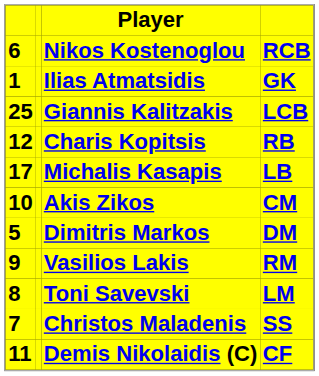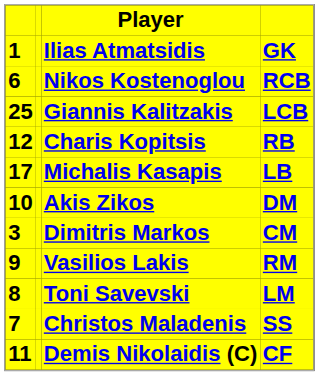 <table class="toccolours" border="0" cellpadding="2" cellspacing="0" align="center" style="margin: 0.5em 0 1em 1em; background: #000000; border: 1px #aaaaaa solid;">
 <tr bgcolor=#FFFF00>
 <th></th>
 <th></th>
 <th>Player</th>
 <th></th>
 </tr>
 <tr bgcolor=#FFFF00>
+<td><strong>1</strong></td>
+<td></td>
+<td><a href='#'><span><strong>Ilias Atmatsidis</strong></span></a></td>
+<td><a href='#'><strong>GK</strong></a></td>
+</tr>
+<tr bgcolor=#FFFF00>
 <td><strong>6</strong></td>
 <td></td>
 <td><a href='#'><span><strong>Nikos Kostenoglou</strong></span></a></td>
 <td><a href='#'><strong>RCB</strong></a></td>
-</tr>
-<tr bgcolor=#FFFF00>
-<td><strong>1</strong></td>
-<td></td>
-<td><a href='#'><span><strong>Ilias Atmatsidis</strong></span></a></td>
-<td><a href='#'><strong>GK</strong></a></td>
 </tr>
 <tr bgcolor=#FFFF00>
 <td><strong>25</strong></td>
 <td></td>
 <td><a href='#'><span><strong>Giannis Kalitzakis</strong></span></a></td>
 <td><a href='#'><strong>LCB</strong></a></td>
 </tr>
 <tr bgcolor=#FFFF00>
 <td><strong>12</strong></td>
 <td></td>
 <td><a href='#'><span><strong>Charis Kopitsis</strong></span></a></td>
 <td><a href='#'><strong>RB</strong></a></td>
 </tr>
 <tr bgcolor=#FFFF00>
 <td><strong>17</strong></td>
 <td></td>
 <td><a href='#'><span><strong>Michalis Kasapis</strong></span></a></td>
 <td><a href='#'><strong>LB</strong></a></td>
 </tr>
 <tr bgcolor=#FFFF00>
 <td><strong>10</strong></td>
 <td></td>
 <td><a href='#'><span><strong>Akis Zikos</strong></span></a></td>
-<td><a href='#'><strong>CM</strong></a></td>
+<td><a href='#'><strong>DM</strong></a></td>
 </tr>
 <tr bgcolor=#FFFF00>
-<td><strong>5</strong></td>
+<td><strong>3</strong></td>
 <td></td>
 <td><a href='#'><span><strong>Dimitris Markos</strong></span></a></td>
-<td><a href='#'><strong>DM</strong></a></td>
+<td><a href='#'><strong>CM</strong></a></td>
 </tr>
 <tr bgcolor=#FFFF00>
 <td><strong>9</strong></td>
 <td></td>
 <td><a href='#'><span><strong>Vasilios Lakis</strong></span></a></td>
 <td><a href='#'><strong>RM</strong></a></td>
 </tr>
 <tr bgcolor=#FFFF00>
 <td><strong>8</strong></td>
 <td></td>
 <td><a href='#'><span><strong>Toni Savevski</strong></span></a></td>
 <td><a href='#'><strong>LM</strong></a></td>
 </tr>
 <tr bgcolor=#FFFF00>
 <td><strong>7</strong></td>
 <td></td>
 <td><a href='#'><span><strong>Christos Maladenis</strong></span></a></td>
 <td><a href='#'><strong>SS</strong></a></td>
 </tr>
 <tr bgcolor=#FFFF00>
 <td><strong>11</strong></td>
 <td></td>
 <td><a href='#'><span><strong>Demis Nikolaidis</strong></span></a> <strong>(C)</strong></td>
 <td><a href='#'><strong>CF</strong></a></td>
 </tr>
 </table>
